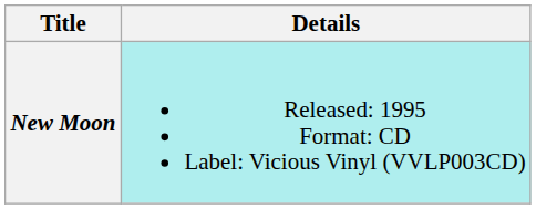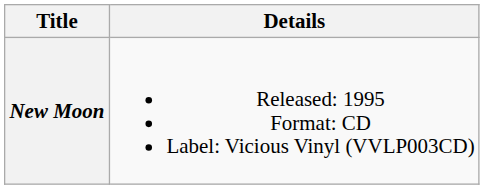 <table class="wikitable plainrowheaders" style="text-align:center;" border="1">
 <tr>
 <th>Title</th>
 <th>Details</th>
 </tr>
 <tr>
 <th scope="row"><em>New Moon</em></th>
-<td style="background: paleturquoise;"><br><ul><li>Released: 1995</li><li>Format: CD</li><li>Label: Vicious Vinyl (VVLP003CD)</li></ul></td>
+<td><br><ul><li>Released: 1995</li><li>Format: CD</li><li>Label: Vicious Vinyl (VVLP003CD)</li></ul></td>
 </tr>
 </table>
